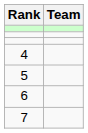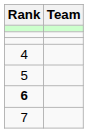 <table class="wikitable">
 <tr>
 <th style="width: 40px;">Rank</th>
 <th>Team</th>
 </tr>
 <tr style="background: #CCFFCC;">
 <td style="text-align: center;"></td>
 <td></td>
 </tr>
 <tr>
 <td style="text-align: center;"></td>
 <td></td>
 </tr>
 <tr>
 <td style="text-align: center;"></td>
 <td></td>
 </tr>
 <tr>
 <td style="text-align: center;">4</td>
 <td></td>
 </tr>
 <tr>
 <td style="text-align: center;">5</td>
 <td></td>
 </tr>
 <tr>
-<td style="text-align: center;">6</td>
+<td style="text-align: center;"><strong>6</strong></td>
 <td></td>
 </tr>
 <tr>
 <td style="text-align: center;">7</td>
 <td></td>
 </tr>
 </table>
